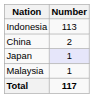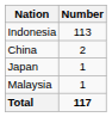 <table class="sortable wikitable" style="margin:0 0 0.5em 1em; float:right; font-size:85%;">
 <tr>
 <th>Nation</th>
 <th>Number</th>
 </tr>
 <tr>
 <td>Indonesia</td>
 <td style="text-align:center;">113</td>
 </tr>
 <tr>
 <td>China</td>
 <td style="text-align:center;">2</td>
 </tr>
 <tr>
 <td>Japan</td>
-<td style="background: lavender; text-align:center;">1</td>
+<td style="text-align:center;">1</td>
 </tr>
 <tr>
 <td>Malaysia</td>
 <td style="text-align:center;">1</td>
 </tr>
 <tr class="sortbottom">
 <th style="text-align:left;">Total</th>
 <td style="text-align:center;"><strong>117</strong></td>
 </tr>
 </table>
